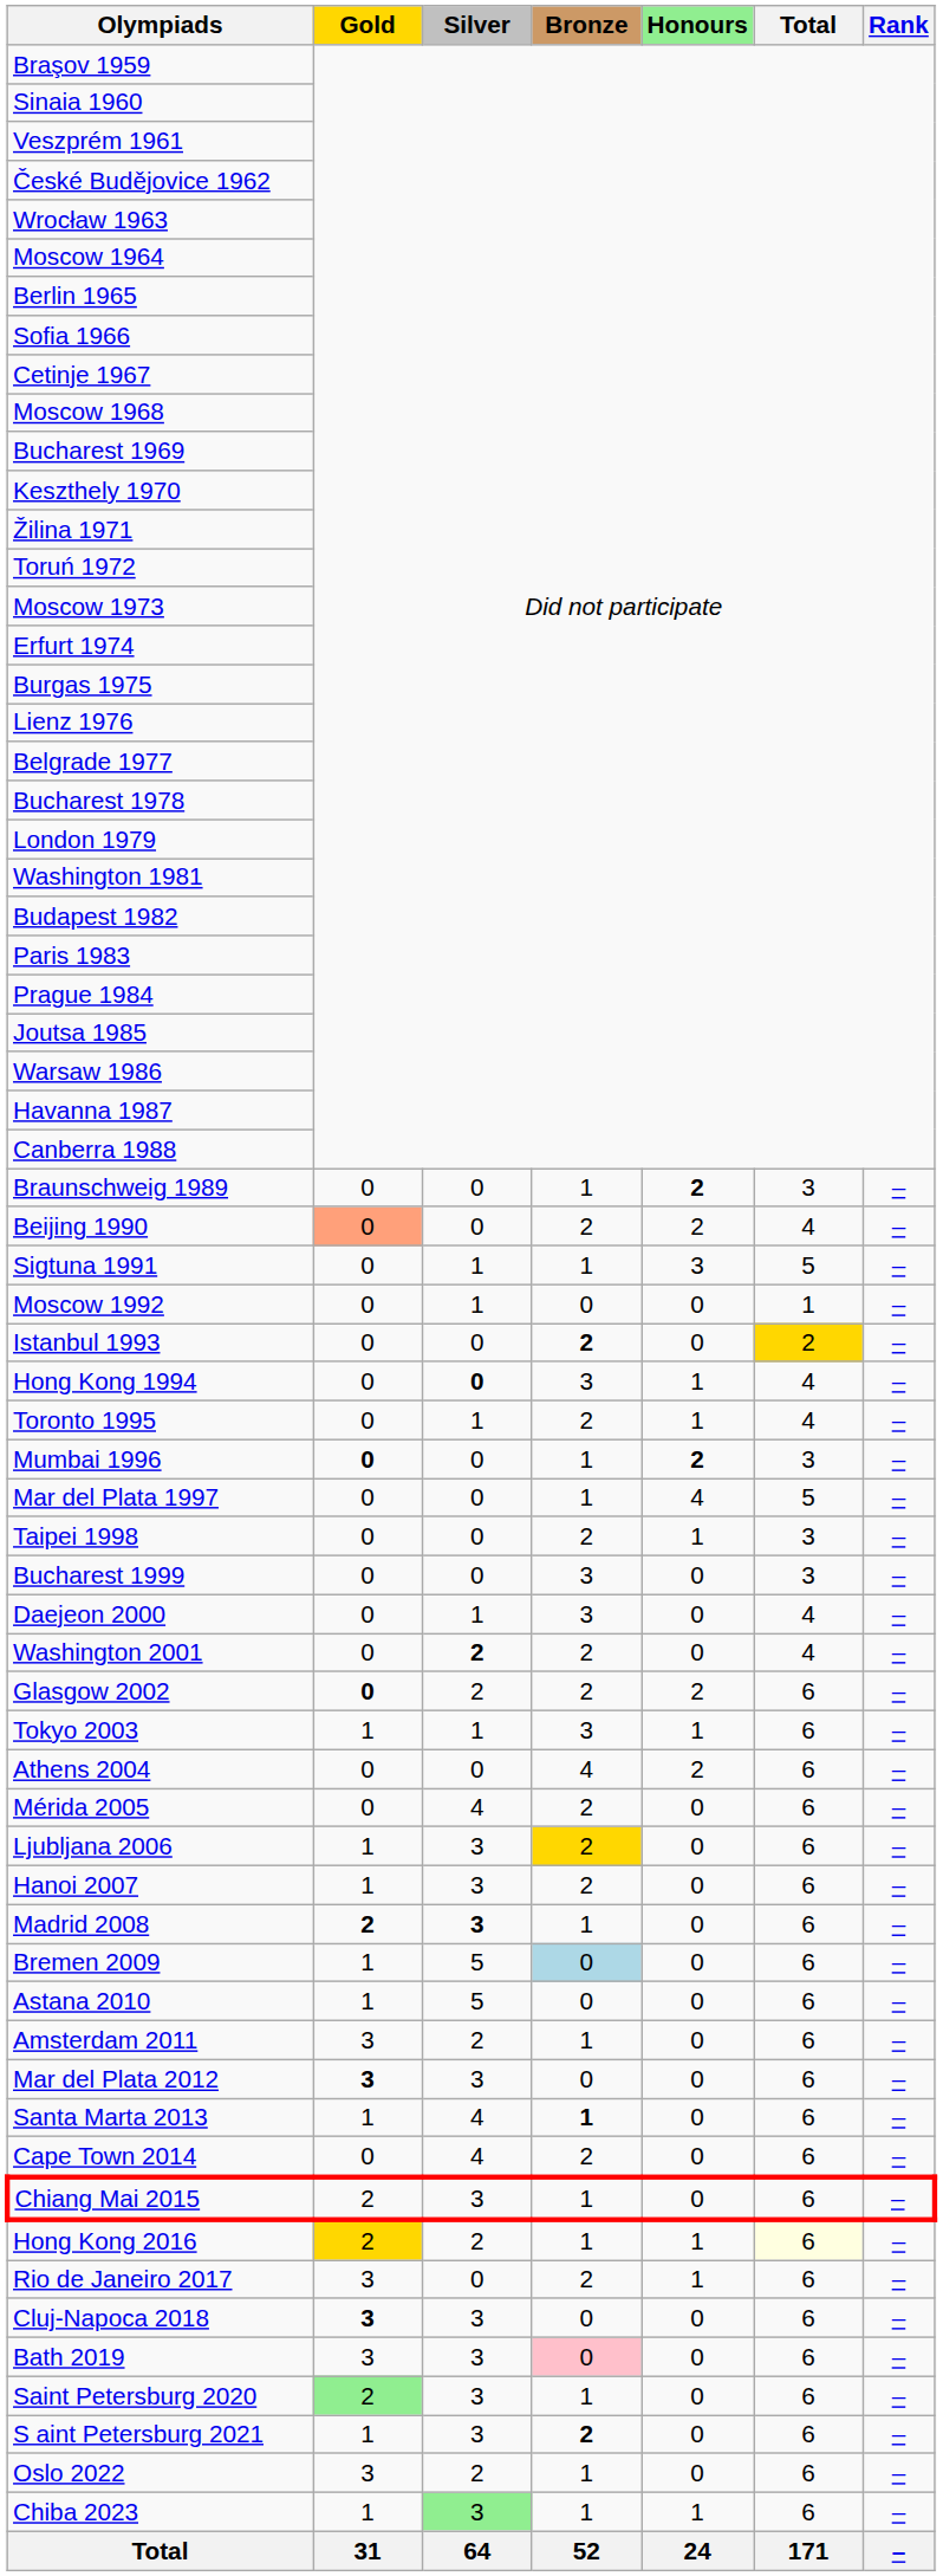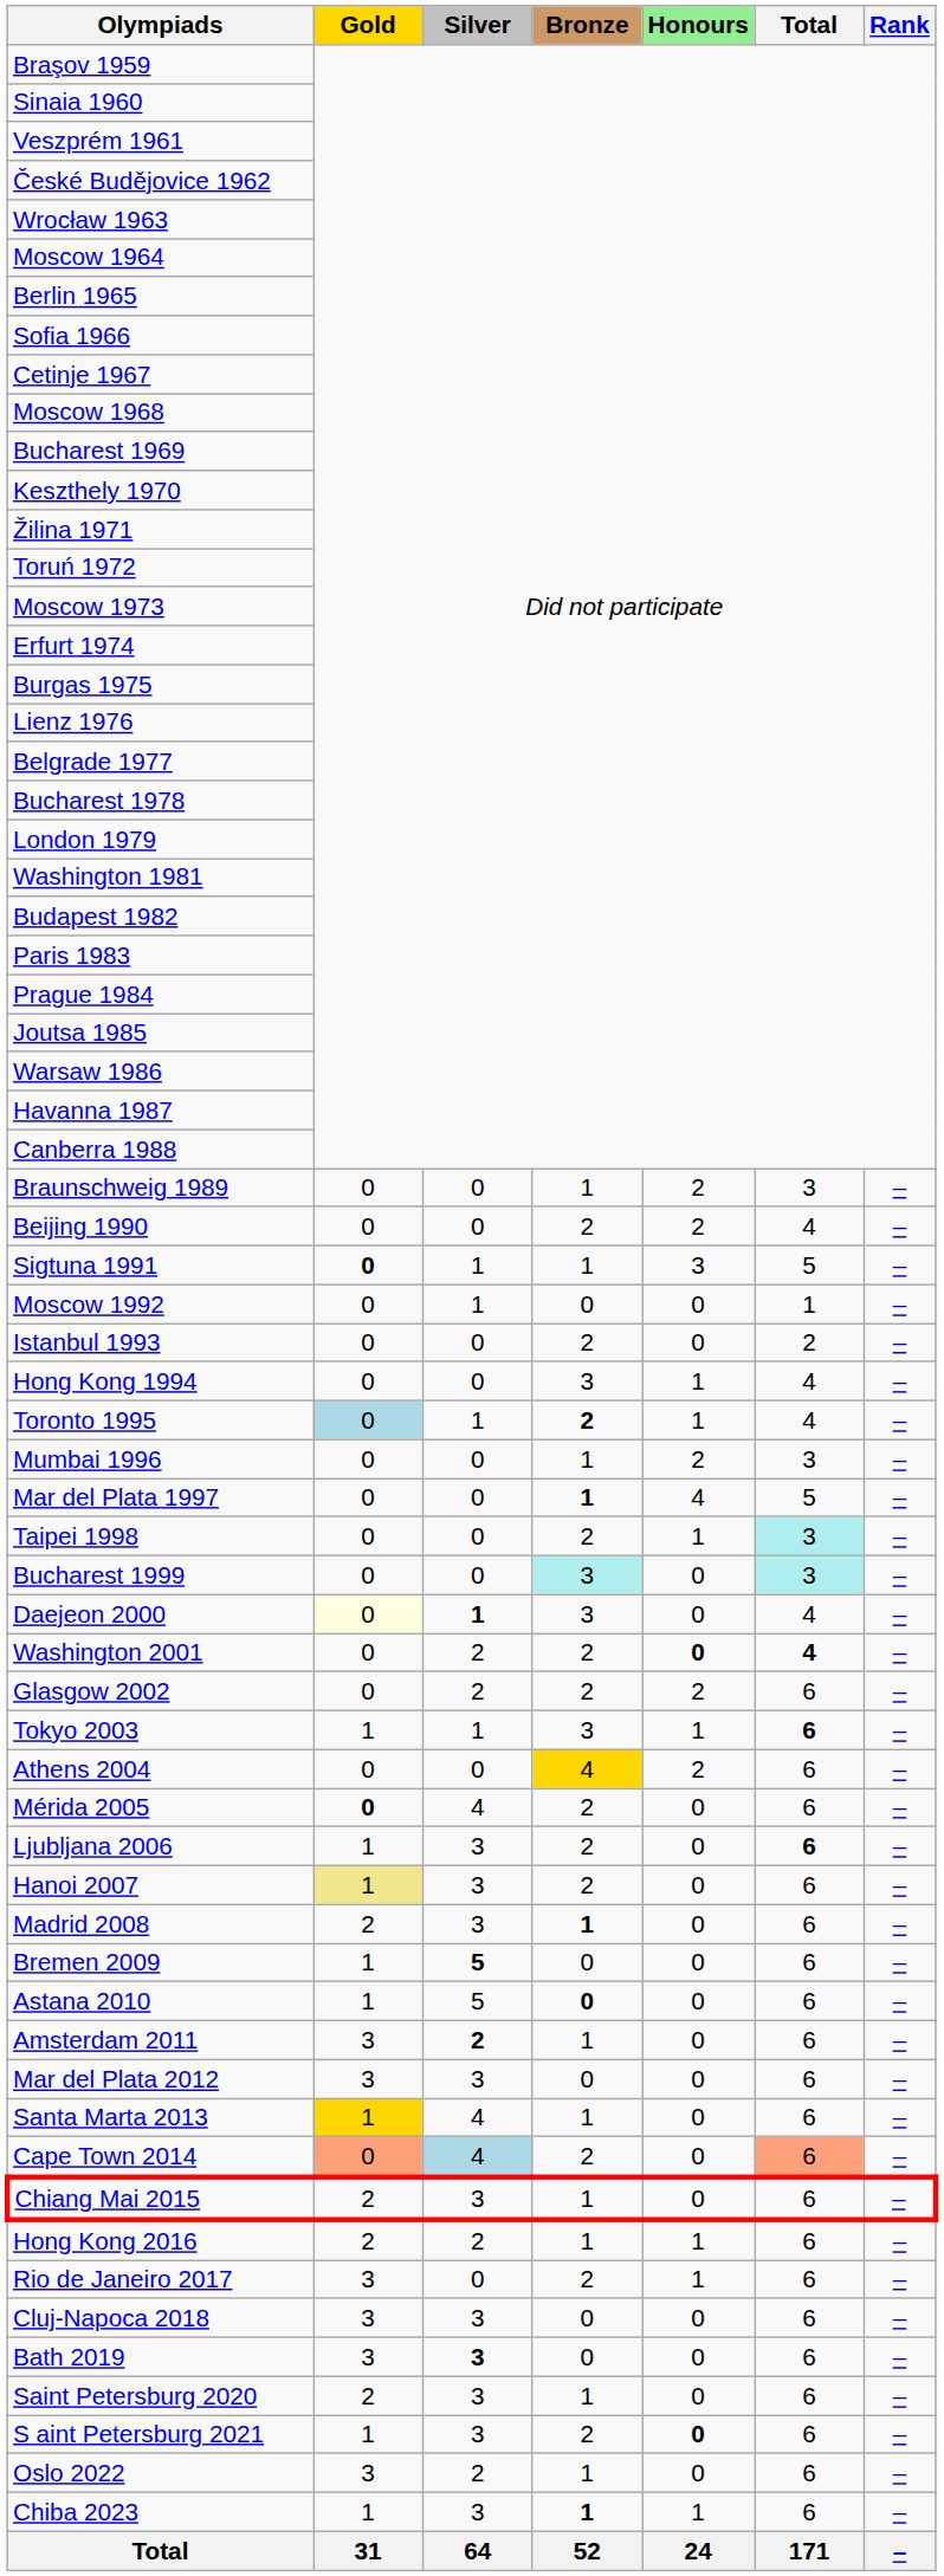 <table class="wikitable" style="text-align:center; font-size:90%;">
 <tr>
 <th style="width:12em;">Olympiads</th>
 <th style="width:4em; background:gold;">Gold</th>
 <th style="width:4em; background:silver;">Silver</th>
 <th style="width:4em; background:#cc9966;">Bronze</th>
 <th style="width:4em; background:#90EE90;">Honours</th>
 <th style="width:4em;">Total</th>
 <th style="width:2em;"><a href='#'>Rank</a></th>
 </tr>
 <tr>
 <td align=left> <a href='#'>Braşov 1959</a></td>
 <td align=center colspan=6 rowspan="29"><em>Did not participate</em></td>
 </tr>
 <tr>
 <td align=left> <a href='#'>Sinaia 1960</a></td>
 </tr>
 <tr>
 <td align=left> <a href='#'>Veszprém 1961</a></td>
 </tr>
 <tr>
 <td align=left> <a href='#'>České Budějovice 1962</a></td>
 </tr>
 <tr>
 <td align=left> <a href='#'>Wrocław 1963</a></td>
 </tr>
 <tr>
 <td align=left> <a href='#'>Moscow 1964</a></td>
 </tr>
 <tr>
 <td align=left> <a href='#'>Berlin 1965</a></td>
 </tr>
 <tr>
 <td align=left> <a href='#'>Sofia 1966</a></td>
 </tr>
 <tr>
 <td align=left> <a href='#'>Cetinje 1967</a></td>
 </tr>
 <tr>
 <td align=left> <a href='#'>Moscow 1968</a></td>
 </tr>
 <tr>
 <td align=left> <a href='#'>Bucharest 1969</a></td>
 </tr>
 <tr>
 <td align=left> <a href='#'>Keszthely 1970</a></td>
 </tr>
 <tr>
 <td align=left> <a href='#'>Žilina 1971</a></td>
 </tr>
 <tr>
 <td align=left> <a href='#'>Toruń 1972</a></td>
 </tr>
 <tr>
 <td align=left> <a href='#'>Moscow 1973</a></td>
 </tr>
 <tr>
 <td align=left> <a href='#'>Erfurt 1974</a></td>
 </tr>
 <tr>
 <td align=left> <a href='#'>Burgas 1975</a></td>
 </tr>
 <tr>
 <td align=left> <a href='#'>Lienz 1976</a></td>
 </tr>
 <tr>
 <td align=left> <a href='#'>Belgrade 1977</a></td>
 </tr>
 <tr>
 <td align=left> <a href='#'>Bucharest 1978</a></td>
 </tr>
 <tr>
 <td align=left> <a href='#'>London 1979</a></td>
 </tr>
 <tr>
 <td align=left> <a href='#'>Washington 1981</a></td>
 </tr>
 <tr>
 <td align=left> <a href='#'>Budapest 1982</a></td>
 </tr>
 <tr>
 <td align=left> <a href='#'>Paris 1983</a></td>
 </tr>
 <tr>
 <td align=left> <a href='#'>Prague 1984</a></td>
 </tr>
 <tr>
 <td align=left> <a href='#'>Joutsa 1985</a></td>
 </tr>
 <tr>
 <td align=left> <a href='#'>Warsaw 1986</a></td>
 </tr>
 <tr>
 <td align=left> <a href='#'>Havanna 1987</a></td>
 </tr>
 <tr>
 <td align=left> <a href='#'>Canberra 1988</a></td>
 </tr>
 <tr>
 <td align=left> <a href='#'>Braunschweig 1989</a></td>
 <td>0</td>
 <td>0</td>
 <td>1</td>
-<td><strong>2</strong></td>
+<td>2</td>
 <td>3</td>
 <td><a href='#'>–</a></td>
 </tr>
 <tr>
 <td align=left> <a href='#'>Beijing 1990</a></td>
-<td style="background: lightsalmon;">0</td>
+<td>0</td>
 <td>0</td>
 <td>2</td>
 <td>2</td>
 <td>4</td>
 <td><a href='#'>–</a></td>
 </tr>
 <tr>
 <td align=left> <a href='#'>Sigtuna 1991</a></td>
-<td>0</td>
+<td><strong>0</strong></td>
 <td>1</td>
 <td>1</td>
 <td>3</td>
 <td>5</td>
 <td><a href='#'>–</a></td>
 </tr>
 <tr>
 <td align=left> <a href='#'>Moscow 1992</a></td>
 <td>0</td>
 <td>1</td>
 <td>0</td>
 <td>0</td>
 <td>1</td>
 <td><a href='#'>–</a></td>
 </tr>
 <tr>
 <td align=left> <a href='#'>Istanbul 1993</a></td>
 <td>0</td>
 <td>0</td>
-<td><strong>2</strong></td>
+<td>2</td>
 <td>0</td>
-<td style="background: gold;">2</td>
+<td>2</td>
 <td><a href='#'>–</a></td>
 </tr>
 <tr>
 <td align=left> <a href='#'>Hong Kong 1994</a></td>
 <td>0</td>
-<td><strong>0</strong></td>
+<td>0</td>
 <td>3</td>
 <td>1</td>
 <td>4</td>
 <td><a href='#'>–</a></td>
 </tr>
 <tr>
 <td align=left> <a href='#'>Toronto 1995</a></td>
-<td>0</td>
+<td style="background: lightblue;">0</td>
 <td>1</td>
-<td>2</td>
+<td><strong>2</strong></td>
 <td>1</td>
 <td>4</td>
 <td><a href='#'>–</a></td>
 </tr>
 <tr>
 <td align=left> <a href='#'>Mumbai 1996</a></td>
-<td><strong>0</strong></td>
+<td>0</td>
 <td>0</td>
 <td>1</td>
-<td><strong>2</strong></td>
+<td>2</td>
 <td>3</td>
 <td><a href='#'>–</a></td>
 </tr>
 <tr>
 <td align=left> <a href='#'>Mar del Plata 1997</a></td>
 <td>0</td>
 <td>0</td>
-<td>1</td>
+<td><strong>1</strong></td>
 <td>4</td>
 <td>5</td>
 <td><a href='#'>–</a></td>
 </tr>
 <tr>
 <td align=left> <a href='#'>Taipei 1998</a></td>
 <td>0</td>
 <td>0</td>
 <td>2</td>
 <td>1</td>
-<td>3</td>
+<td style="background: paleturquoise;">3</td>
 <td><a href='#'>–</a></td>
 </tr>
 <tr>
 <td align=left> <a href='#'>Bucharest 1999</a></td>
 <td>0</td>
 <td>0</td>
-<td>3</td>
+<td style="background: paleturquoise;">3</td>
 <td>0</td>
-<td>3</td>
+<td style="background: paleturquoise;">3</td>
 <td><a href='#'>–</a></td>
 </tr>
 <tr>
 <td align=left> <a href='#'>Daejeon 2000</a></td>
-<td>0</td>
-<td>1</td>
+<td style="background: lightyellow;">0</td>
+<td><strong>1</strong></td>
 <td>3</td>
 <td>0</td>
 <td>4</td>
 <td><a href='#'>–</a></td>
 </tr>
 <tr>
 <td align=left> <a href='#'>Washington 2001</a></td>
 <td>0</td>
-<td><strong>2</strong></td>
 <td>2</td>
-<td>0</td>
-<td>4</td>
+<td>2</td>
+<td><strong>0</strong></td>
+<td><strong>4</strong></td>
 <td><a href='#'>–</a></td>
 </tr>
 <tr>
 <td align=left> <a href='#'>Glasgow 2002</a></td>
-<td><strong>0</strong></td>
+<td>0</td>
 <td>2</td>
 <td>2</td>
 <td>2</td>
 <td>6</td>
 <td><a href='#'>–</a></td>
 </tr>
 <tr>
 <td align=left> <a href='#'>Tokyo 2003</a></td>
 <td>1</td>
 <td>1</td>
 <td>3</td>
 <td>1</td>
-<td>6</td>
+<td><strong>6</strong></td>
 <td><a href='#'>–</a></td>
 </tr>
 <tr>
 <td align=left> <a href='#'>Athens 2004</a></td>
 <td>0</td>
 <td>0</td>
-<td>4</td>
+<td style="background: gold;">4</td>
 <td>2</td>
 <td>6</td>
 <td><a href='#'>–</a></td>
 </tr>
 <tr>
 <td align=left> <a href='#'>Mérida 2005</a></td>
-<td>0</td>
+<td><strong>0</strong></td>
 <td>4</td>
 <td>2</td>
 <td>0</td>
 <td>6</td>
 <td><a href='#'>–</a></td>
 </tr>
 <tr>
 <td align=left> <a href='#'>Ljubljana 2006</a></td>
 <td>1</td>
 <td>3</td>
-<td style="background: gold;">2</td>
+<td>2</td>
 <td>0</td>
-<td>6</td>
+<td><strong>6</strong></td>
 <td><a href='#'>–</a></td>
 </tr>
 <tr>
 <td align=left> <a href='#'>Hanoi 2007</a></td>
-<td>1</td>
+<td style="background: khaki;">1</td>
 <td>3</td>
 <td>2</td>
 <td>0</td>
 <td>6</td>
 <td><a href='#'>–</a></td>
 </tr>
 <tr>
 <td align=left> <a href='#'>Madrid 2008</a></td>
-<td><strong>2</strong></td>
-<td><strong>3</strong></td>
-<td>1</td>
+<td>2</td>
+<td>3</td>
+<td><strong>1</strong></td>
 <td>0</td>
 <td>6</td>
 <td><a href='#'>–</a></td>
 </tr>
 <tr>
 <td align=left> <a href='#'>Bremen 2009</a></td>
 <td>1</td>
-<td>5</td>
-<td style="background: lightblue;">0</td>
+<td><strong>5</strong></td>
+<td>0</td>
 <td>0</td>
 <td>6</td>
 <td><a href='#'>–</a></td>
 </tr>
 <tr>
 <td align=left> <a href='#'>Astana 2010</a></td>
 <td>1</td>
 <td>5</td>
-<td>0</td>
+<td><strong>0</strong></td>
 <td>0</td>
 <td>6</td>
 <td><a href='#'>–</a></td>
 </tr>
 <tr>
 <td align=left> <a href='#'>Amsterdam 2011</a></td>
 <td>3</td>
-<td>2</td>
+<td><strong>2</strong></td>
 <td>1</td>
 <td>0</td>
 <td>6</td>
 <td><a href='#'>–</a></td>
 </tr>
 <tr>
 <td align=left> <a href='#'>Mar del Plata 2012</a></td>
-<td><strong>3</strong></td>
+<td>3</td>
 <td>3</td>
 <td>0</td>
 <td>0</td>
 <td>6</td>
 <td><a href='#'>–</a></td>
 </tr>
 <tr>
 <td align=left> <a href='#'>Santa Marta 2013</a></td>
+<td style="background: gold;">1</td>
+<td>4</td>
 <td>1</td>
-<td>4</td>
-<td><strong>1</strong></td>
 <td>0</td>
 <td>6</td>
 <td><a href='#'>–</a></td>
 </tr>
 <tr>
 <td align=left> <a href='#'>Cape Town 2014</a></td>
-<td>0</td>
-<td>4</td>
+<td style="background: lightsalmon;">0</td>
+<td style="background: lightblue;">4</td>
 <td>2</td>
 <td>0</td>
-<td>6</td>
+<td style="background: lightsalmon;">6</td>
 <td><a href='#'>–</a></td>
 </tr>
 <tr style="border: 3px solid red">
 <td align=left> <a href='#'>Chiang Mai 2015</a></td>
 <td>2</td>
 <td>3</td>
 <td>1</td>
 <td>0</td>
 <td>6</td>
 <td><a href='#'>–</a></td>
 </tr>
 <tr>
 <td align=left> <a href='#'>Hong Kong 2016</a></td>
-<td style="background: gold;">2</td>
+<td>2</td>
 <td>2</td>
 <td>1</td>
 <td>1</td>
-<td style="background: lightyellow;">6</td>
+<td>6</td>
 <td><a href='#'>–</a></td>
 </tr>
 <tr>
 <td align=left> <a href='#'>Rio de Janeiro 2017</a></td>
 <td>3</td>
 <td>0</td>
 <td>2</td>
 <td>1</td>
 <td>6</td>
 <td><a href='#'>–</a></td>
 </tr>
 <tr>
 <td align=left> <a href='#'>Cluj-Napoca 2018</a></td>
-<td><strong>3</strong></td>
+<td>3</td>
 <td>3</td>
 <td>0</td>
 <td>0</td>
 <td>6</td>
 <td><a href='#'>–</a></td>
 </tr>
 <tr>
 <td align=left> <a href='#'>Bath 2019</a></td>
 <td>3</td>
-<td>3</td>
-<td style="background: pink;">0</td>
+<td><strong>3</strong></td>
+<td>0</td>
 <td>0</td>
 <td>6</td>
 <td><a href='#'>–</a></td>
 </tr>
 <tr>
 <td align=left> <a href='#'>Saint Petersburg 2020</a></td>
-<td style="background: lightgreen;">2</td>
+<td>2</td>
 <td>3</td>
 <td>1</td>
 <td>0</td>
 <td>6</td>
 <td><a href='#'>–</a></td>
 </tr>
 <tr>
 <td align=left> <a href='#'>S aint Petersburg 2021</a></td>
 <td>1</td>
 <td>3</td>
-<td><strong>2</strong></td>
-<td>0</td>
+<td>2</td>
+<td><strong>0</strong></td>
 <td>6</td>
 <td><a href='#'>–</a></td>
 </tr>
 <tr>
 <td align=left> <a href='#'>Oslo 2022</a></td>
 <td>3</td>
 <td>2</td>
 <td>1</td>
 <td>0</td>
 <td>6</td>
 <td><a href='#'>–</a></td>
 </tr>
 <tr>
 <td align=left> <a href='#'>Chiba 2023</a></td>
 <td>1</td>
-<td style="background: lightgreen;">3</td>
-<td>1</td>
+<td>3</td>
+<td><strong>1</strong></td>
 <td>1</td>
 <td>6</td>
 <td><a href='#'>–</a></td>
 </tr>
 <tr>
 <th colspan=1>Total</th>
 <th>31</th>
 <th>64</th>
 <th>52</th>
 <th>24</th>
 <th>171</th>
 <th><a href='#'>–</a></th>
 </tr>
 </table>
